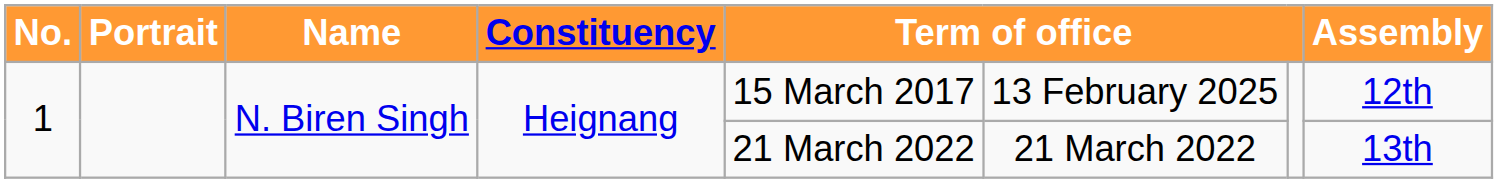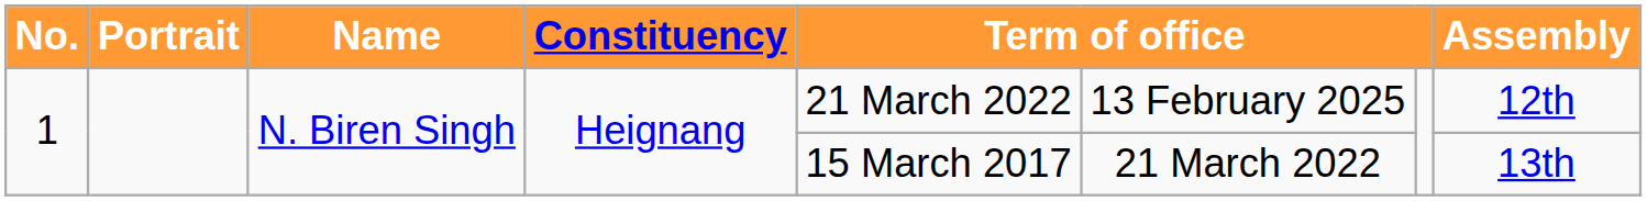 <table class="wikitable" style="text-align:center">
 <tr>
 <th style="background-color:#FF9933; color:white">No.</th>
 <th style="background-color:#FF9933; color:white">Portrait</th>
 <th style="background-color:#FF9933; color:white">Name</th>
 <th style="background-color:#FF9933; color:white"><a href='#'>Constituency</a></th>
 <th colspan="3" style="background-color:#FF9933; color:white">Term of office</th>
 <th style="background-color:#FF9933; color:white">Assembly</th>
 </tr>
 <tr style="text-align:center;">
 <td rowspan="2">1</td>
 <td rowspan="2"></td>
 <td rowspan="2"><a href='#'>N. Biren Singh</a></td>
 <td rowspan="2"><a href='#'>Heignang</a></td>
-<td>15 March 2017</td>
+<td>21 March 2022</td>
 <td>13 February 2025</td>
 <td rowspan="2"></td>
 <td><a href='#'>12th</a></td>
 </tr>
 <tr align="center">
-<td>21 March 2022</td>
+<td>15 March 2017</td>
 <td>21 March 2022</td>
 <td><a href='#'>13th</a></td>
 </tr>
 </table>
